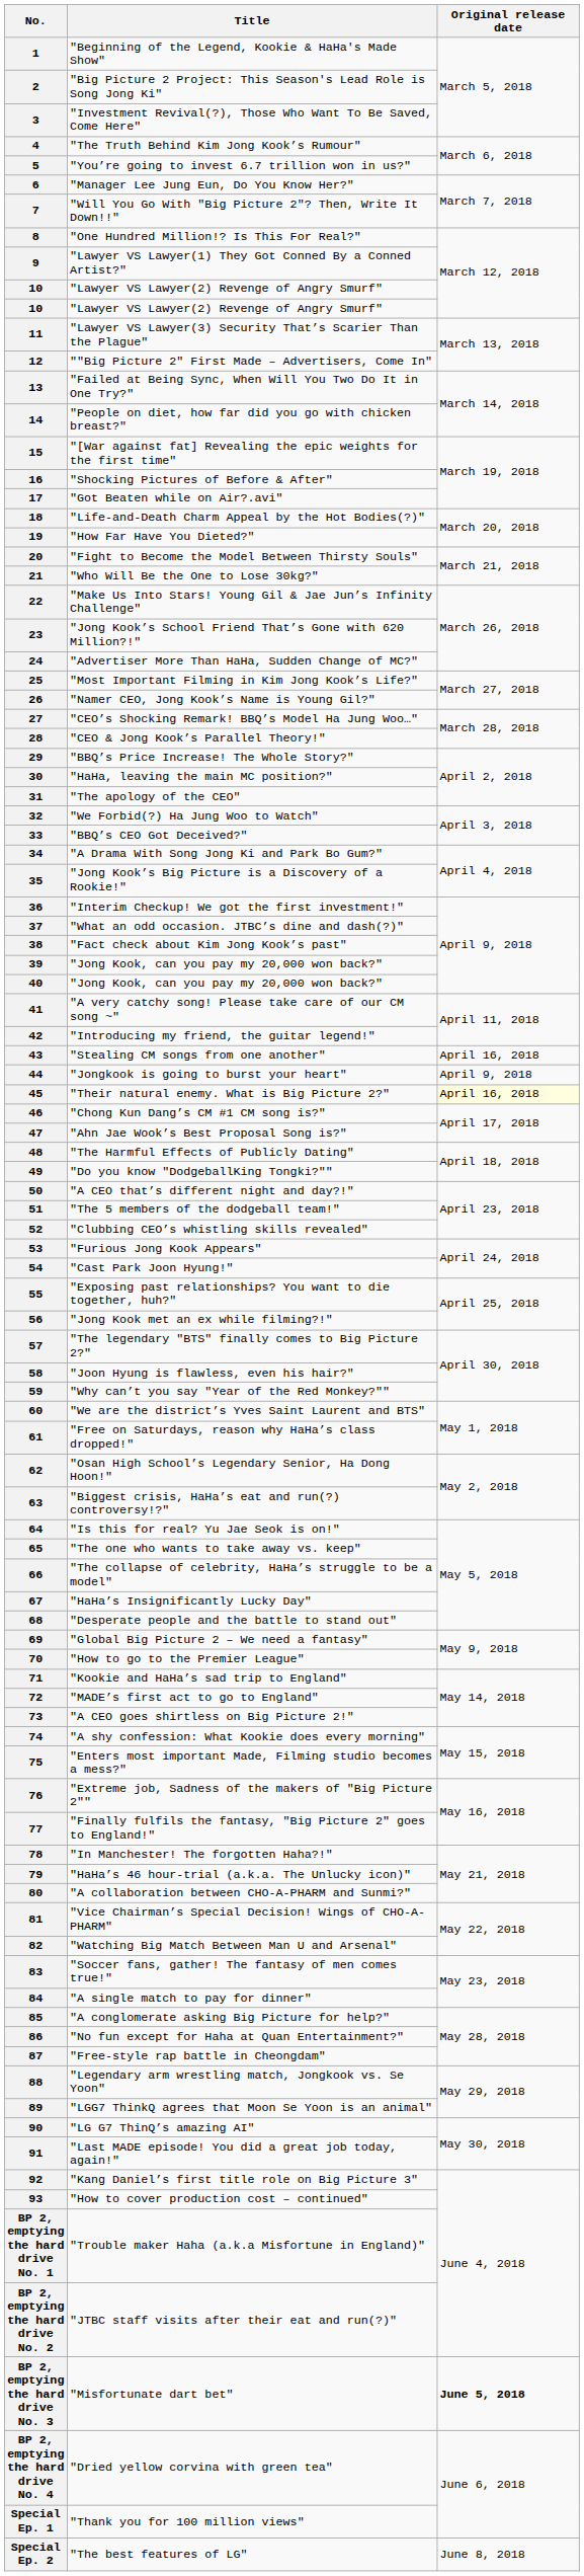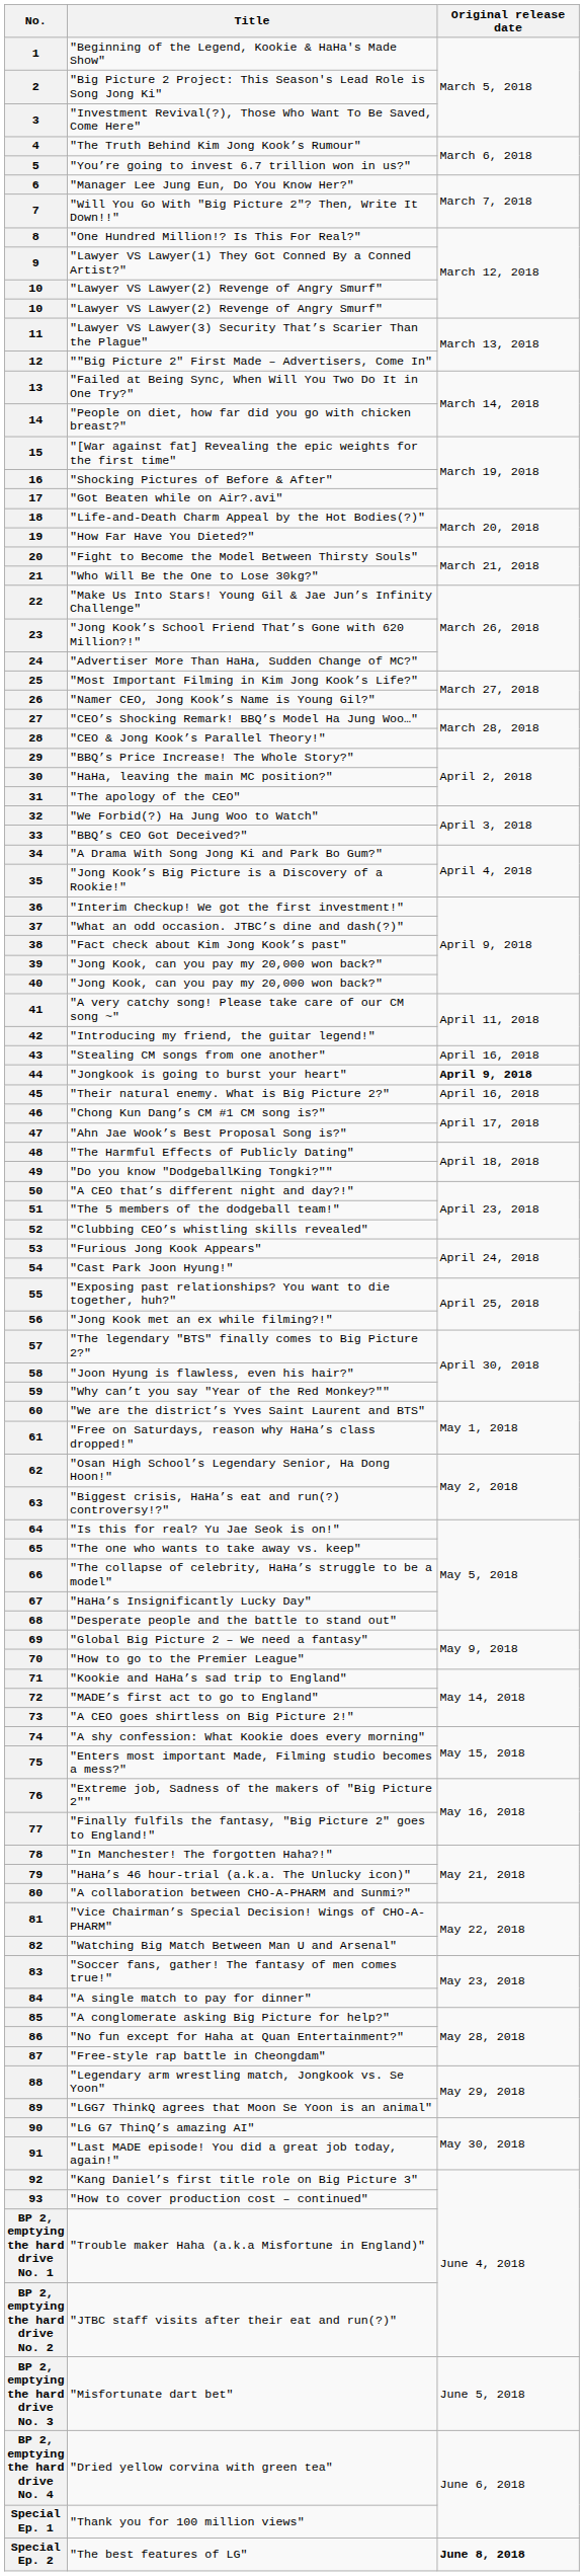 <table class="wikitable sortable mw-collapsible">
 <tr>
 <th width=50>No.</th>
 <th width=400>Title</th>
 <th width=150>Original release date</th>
 </tr>
 <tr>
 <th>1</th>
 <td>"Beginning of the Legend, Kookie & HaHa's Made Show"</td>
 <td rowspan="3">March 5, 2018</td>
 </tr>
 <tr>
 <th>2</th>
 <td>"Big Picture 2 Project: This Season's Lead Role is Song Jong Ki"</td>
 </tr>
 <tr>
 <th>3</th>
 <td>"Investment Revival(?), Those Who Want To Be Saved, Come Here"</td>
 </tr>
 <tr>
 <th>4</th>
 <td>"The Truth Behind Kim Jong Kook’s Rumour"</td>
 <td rowspan="2">March 6, 2018</td>
 </tr>
 <tr>
 <th>5</th>
 <td>"You’re going to invest 6.7 trillion won in us?"</td>
 </tr>
 <tr>
 <th>6</th>
 <td>"Manager Lee Jung Eun, Do You Know Her?"</td>
 <td rowspan="2">March 7, 2018</td>
 </tr>
 <tr>
 <th>7</th>
 <td>"Will You Go With "Big Picture 2"? Then, Write It Down!!"</td>
 </tr>
 <tr>
 <th>8</th>
 <td>"One Hundred Million!? Is This For Real?"</td>
 <td rowspan="4">March 12, 2018</td>
 </tr>
 <tr>
 <th>9</th>
 <td>"Lawyer VS Lawyer(1) They Got Conned By a Conned Artist?"</td>
 </tr>
 <tr>
 <th>10</th>
 <td>"Lawyer VS Lawyer(2) Revenge of Angry Smurf"</td>
 </tr>
 <tr>
 <th>10</th>
 <td>"Lawyer VS Lawyer(2) Revenge of Angry Smurf"</td>
 </tr>
 <tr>
 <th>11</th>
 <td>"Lawyer VS Lawyer(3) Security That’s Scarier Than the Plague"</td>
 <td rowspan="2">March 13, 2018</td>
 </tr>
 <tr>
 <th>12</th>
 <td>""Big Picture 2" First Made – Advertisers, Come In"</td>
 </tr>
 <tr>
 <th>13</th>
 <td>"Failed at Being Sync, When Will You Two Do It in One Try?"</td>
 <td rowspan="2">March 14, 2018</td>
 </tr>
 <tr>
 <th>14</th>
 <td>"People on diet, how far did you go with chicken breast?"</td>
 </tr>
 <tr>
 <th>15</th>
 <td>"[War against fat] Revealing the epic weights for the first time"</td>
 <td rowspan="3">March 19, 2018</td>
 </tr>
 <tr>
 <th>16</th>
 <td>"Shocking Pictures of Before & After"</td>
 </tr>
 <tr>
 <th>17</th>
 <td>"Got Beaten while on Air?.avi"</td>
 </tr>
 <tr>
 <th>18</th>
 <td>"Life-and-Death Charm Appeal by the Hot Bodies(?)"</td>
 <td rowspan="2">March 20, 2018</td>
 </tr>
 <tr>
 <th>19</th>
 <td>"How Far Have You Dieted?"</td>
 </tr>
 <tr>
 <th>20</th>
 <td>"Fight to Become the Model Between Thirsty Souls"</td>
 <td rowspan="2">March 21, 2018</td>
 </tr>
 <tr>
 <th>21</th>
 <td>"Who Will Be the One to Lose 30kg?"</td>
 </tr>
 <tr>
 <th>22</th>
 <td>"Make Us Into Stars! Young Gil & Jae Jun’s Infinity Challenge"</td>
 <td rowspan="3">March 26, 2018</td>
 </tr>
 <tr>
 <th>23</th>
 <td>"Jong Kook’s School Friend That’s Gone with 620 Million?!"</td>
 </tr>
 <tr>
 <th>24</th>
 <td>"Advertiser More Than HaHa, Sudden Change of MC?"</td>
 </tr>
 <tr>
 <th>25</th>
 <td>"Most Important Filming in Kim Jong Kook’s Life?"</td>
 <td rowspan="2">March 27, 2018</td>
 </tr>
 <tr>
 <th>26</th>
 <td>"Namer CEO, Jong Kook’s Name is Young Gil?"</td>
 </tr>
 <tr>
 <th>27</th>
 <td>"CEO’s Shocking Remark! BBQ’s Model Ha Jung Woo…"</td>
 <td rowspan="2">March 28, 2018</td>
 </tr>
 <tr>
 <th>28</th>
 <td>"CEO & Jong Kook’s Parallel Theory!"</td>
 </tr>
 <tr>
 <th>29</th>
 <td>"BBQ’s Price Increase! The Whole Story?"</td>
 <td rowspan="3">April 2, 2018</td>
 </tr>
 <tr>
 <th>30</th>
 <td>"HaHa, leaving the main MC position?"</td>
 </tr>
 <tr>
 <th>31</th>
 <td>"The apology of the CEO"</td>
 </tr>
 <tr>
 <th>32</th>
 <td>"We Forbid(?) Ha Jung Woo to Watch"</td>
 <td rowspan="2">April 3, 2018</td>
 </tr>
 <tr>
 <th>33</th>
 <td>"BBQ’s CEO Got Deceived?"</td>
 </tr>
 <tr>
 <th>34</th>
 <td>"A Drama With Song Jong Ki and Park Bo Gum?"</td>
 <td rowspan="2">April 4, 2018</td>
 </tr>
 <tr>
 <th>35</th>
 <td>"Jong Kook’s Big Picture is a Discovery of a Rookie!"</td>
 </tr>
 <tr>
 <th>36</th>
 <td>"Interim Checkup! We got the first investment!"</td>
 <td rowspan="5">April 9, 2018</td>
 </tr>
 <tr>
 <th>37</th>
 <td>"What an odd occasion. JTBC’s dine and dash(?)"</td>
 </tr>
 <tr>
 <th>38</th>
 <td>"Fact check about Kim Jong Kook’s past"</td>
 </tr>
 <tr>
 <th>39</th>
 <td>"Jong Kook, can you pay my 20,000 won back?"</td>
 </tr>
 <tr>
 <th>40</th>
 <td>"Jong Kook, can you pay my 20,000 won back?"</td>
 </tr>
 <tr>
 <th>41</th>
 <td>"A very catchy song! Please take care of our CM song ~"</td>
 <td rowspan="2">April 11, 2018</td>
 </tr>
 <tr>
 <th>42</th>
 <td>"Introducing my friend, the guitar legend!"</td>
 </tr>
 <tr>
 <th>43</th>
 <td>"Stealing CM songs from one another"</td>
 <td>April 16, 2018</td>
 </tr>
 <tr>
 <th>44</th>
 <td>"Jongkook is going to burst your heart"</td>
-<td>April 9, 2018</td>
+<td><strong>April 9, 2018</strong></td>
 </tr>
 <tr>
 <th>45</th>
 <td>"Their natural enemy. What is Big Picture 2?"</td>
-<td style="background: lightyellow;">April 16, 2018</td>
+<td>April 16, 2018</td>
 </tr>
 <tr>
 <th>46</th>
 <td>"Chong Kun Dang’s CM #1 CM song is?"</td>
 <td rowspan="2">April 17, 2018</td>
 </tr>
 <tr>
 <th>47</th>
 <td>"Ahn Jae Wook’s Best Proposal Song is?"</td>
 </tr>
 <tr>
 <th>48</th>
 <td>"The Harmful Effects of Publicly Dating"</td>
 <td rowspan="2">April 18, 2018</td>
 </tr>
 <tr>
 <th>49</th>
 <td>"Do you know "DodgeballKing Tongki?""</td>
 </tr>
 <tr>
 <th>50</th>
 <td>"A CEO that’s different night and day?!"</td>
 <td rowspan="3">April 23, 2018</td>
 </tr>
 <tr>
 <th>51</th>
 <td>"The 5 members of the dodgeball team!"</td>
 </tr>
 <tr>
 <th>52</th>
 <td>"Clubbing CEO’s whistling skills revealed"</td>
 </tr>
 <tr>
 <th>53</th>
 <td>"Furious Jong Kook Appears"</td>
 <td rowspan="2">April 24, 2018</td>
 </tr>
 <tr>
 <th>54</th>
 <td>"Cast Park Joon Hyung!"</td>
 </tr>
 <tr>
 <th>55</th>
 <td>"Exposing past relationships? You want to die together, huh?"</td>
 <td rowspan="2">April 25, 2018</td>
 </tr>
 <tr>
 <th>56</th>
 <td>"Jong Kook met an ex while filming?!"</td>
 </tr>
 <tr>
 <th>57</th>
 <td>"The legendary "BTS" finally comes to Big Picture 2?"</td>
 <td rowspan="3">April 30, 2018</td>
 </tr>
 <tr>
 <th>58</th>
 <td>"Joon Hyung is flawless, even his hair?"</td>
 </tr>
 <tr>
 <th>59</th>
 <td>"Why can’t you say "Year of the Red Monkey?""</td>
 </tr>
 <tr>
 <th>60</th>
 <td>"We are the district’s Yves Saint Laurent and BTS"</td>
 <td rowspan="2">May 1, 2018</td>
 </tr>
 <tr>
 <th>61</th>
 <td>"Free on Saturdays, reason why HaHa’s class dropped!"</td>
 </tr>
 <tr>
 <th>62</th>
 <td>"Osan High School’s Legendary Senior, Ha Dong Hoon!"</td>
 <td rowspan="2">May 2, 2018</td>
 </tr>
 <tr>
 <th>63</th>
 <td>"Biggest crisis, HaHa’s eat and run(?) controversy!?"</td>
 </tr>
 <tr>
 <th>64</th>
 <td>"Is this for real? Yu Jae Seok is on!"</td>
 <td rowspan="5">May 5, 2018</td>
 </tr>
 <tr>
 <th>65</th>
 <td>"The one who wants to take away vs. keep"</td>
 </tr>
 <tr>
 <th>66</th>
 <td>"The collapse of celebrity, HaHa’s struggle to be a model"</td>
 </tr>
 <tr>
 <th>67</th>
 <td>"HaHa’s Insignificantly Lucky Day"</td>
 </tr>
 <tr>
 <th>68</th>
 <td>"Desperate people and the battle to stand out"</td>
 </tr>
 <tr>
 <th>69</th>
 <td>"Global Big Picture 2 – We need a fantasy"</td>
 <td rowspan="2">May 9, 2018</td>
 </tr>
 <tr>
 <th>70</th>
 <td>"How to go to the Premier League"</td>
 </tr>
 <tr>
 <th>71</th>
 <td>"Kookie and HaHa’s sad trip to England"</td>
 <td rowspan="3">May 14, 2018</td>
 </tr>
 <tr>
 <th>72</th>
 <td>"MADE’s first act to go to England"</td>
 </tr>
 <tr>
 <th>73</th>
 <td>"A CEO goes shirtless on Big Picture 2!"</td>
 </tr>
 <tr>
 <th>74</th>
 <td>"A shy confession: What Kookie does every morning"</td>
 <td rowspan="2">May 15, 2018</td>
 </tr>
 <tr>
 <th>75</th>
 <td>"Enters most important Made, Filming studio becomes a mess?"</td>
 </tr>
 <tr>
 <th>76</th>
 <td>"Extreme job, Sadness of the makers of "Big Picture 2""</td>
 <td rowspan="2">May 16, 2018</td>
 </tr>
 <tr>
 <th>77</th>
 <td>"Finally fulfils the fantasy, "Big Picture 2" goes to England!"</td>
 </tr>
 <tr>
 <th>78</th>
 <td>"In Manchester! The forgotten Haha?!"</td>
 <td rowspan="3">May 21, 2018</td>
 </tr>
 <tr>
 <th>79</th>
 <td>"HaHa’s 46 hour-trial (a.k.a. The Unlucky icon)"</td>
 </tr>
 <tr>
 <th>80</th>
 <td>"A collaboration between CHO-A-PHARM and Sunmi?"</td>
 </tr>
 <tr>
 <th>81</th>
 <td>"Vice Chairman’s Special Decision! Wings of CHO-A-PHARM"</td>
 <td rowspan="2">May 22, 2018</td>
 </tr>
 <tr>
 <th>82</th>
 <td>"Watching Big Match Between Man U and Arsenal"</td>
 </tr>
 <tr>
 <th>83</th>
 <td>"Soccer fans, gather! The fantasy of men comes true!"</td>
 <td rowspan="2">May 23, 2018</td>
 </tr>
 <tr>
 <th>84</th>
 <td>"A single match to pay for dinner"</td>
 </tr>
 <tr>
 <th>85</th>
 <td>"A conglomerate asking Big Picture for help?"</td>
 <td rowspan="3">May 28, 2018</td>
 </tr>
 <tr>
 <th>86</th>
 <td>"No fun except for Haha at Quan Entertainment?"</td>
 </tr>
 <tr>
 <th>87</th>
 <td>"Free-style rap battle in Cheongdam"</td>
 </tr>
 <tr>
 <th>88</th>
 <td>"Legendary arm wrestling match, Jongkook vs. Se Yoon"</td>
 <td rowspan="2">May 29, 2018</td>
 </tr>
 <tr>
 <th>89</th>
 <td>"LGG7 ThinkQ agrees that Moon Se Yoon is an animal"</td>
 </tr>
 <tr>
 <th>90</th>
 <td>"LG G7 ThinQ’s amazing AI"</td>
 <td rowspan="2">May 30, 2018</td>
 </tr>
 <tr>
 <th>91</th>
 <td>"Last MADE episode! You did a great job today, again!"</td>
 </tr>
 <tr>
 <th>92</th>
 <td>"Kang Daniel’s first title role on Big Picture 3"</td>
 <td rowspan="4">June 4, 2018</td>
 </tr>
 <tr>
 <th>93</th>
 <td>"How to cover production cost – continued"</td>
 </tr>
 <tr>
 <th>BP 2, emptying the hard drive No. 1</th>
 <td>"Trouble maker Haha (a.k.a Misfortune in England)"</td>
 </tr>
 <tr>
 <th>BP 2, emptying the hard drive No. 2</th>
 <td>"JTBC staff visits after their eat and run(?)"</td>
 </tr>
 <tr>
 <th>BP 2, emptying the hard drive No. 3</th>
 <td>"Misfortunate dart bet"</td>
-<td><strong>June 5, 2018</strong></td>
+<td>June 5, 2018</td>
 </tr>
 <tr>
 <th>BP 2, emptying the hard drive No. 4</th>
 <td>"Dried yellow corvina with green tea"</td>
 <td rowspan="2">June 6, 2018</td>
 </tr>
 <tr>
 <th>Special Ep. 1</th>
 <td>"Thank you for 100 million views"</td>
 </tr>
 <tr>
 <th>Special Ep. 2</th>
 <td>"The best features of LG"</td>
-<td>June 8, 2018</td>
+<td><strong>June 8, 2018</strong></td>
 </tr>
 </table>
